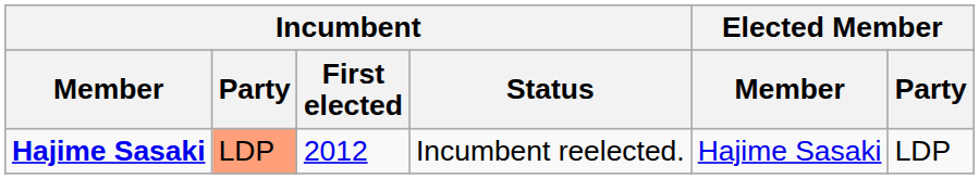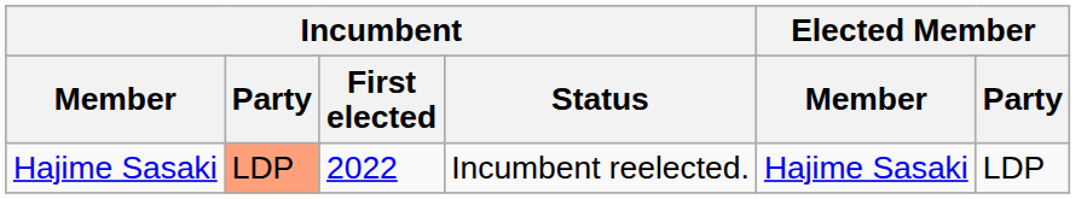 <table class="wikitable sortable">
 <tr>
 <th colspan=4>Incumbent</th>
 <th colspan=2>Elected Member</th>
 </tr>
 <tr>
 <th>Member</th>
 <th>Party</th>
 <th>First<br>elected</th>
 <th>Status</th>
 <th>Member</th>
 <th>Party</th>
 </tr>
 <tr>
-<td><strong><a href='#'>Hajime Sasaki</a></strong></td>
+<td><a href='#'>Hajime Sasaki</a></td>
 <td style="background: lightsalmon;">LDP</td>
-<td><a href='#'>2012</a></td>
+<td><a href='#'>2022</a></td>
 <td>Incumbent reelected.</td>
 <td><a href='#'>Hajime Sasaki</a></td>
 <td>LDP</td>
 </tr>
 </table>
